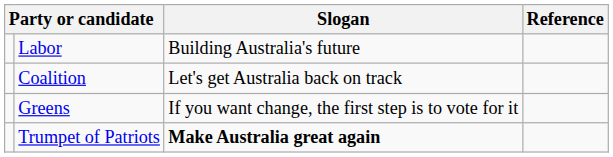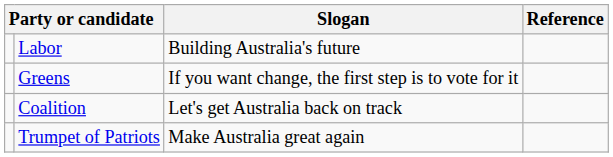 <table class="wikitable" style="font-size:97%; text-align:left;">
 <tr>
 <th style="text-align:left;" colspan="2">Party or candidate</th>
 <th>Slogan</th>
 <th>Reference</th>
 </tr>
 <tr>
 <td style="color:inherit;background:"></td>
 <td><a href='#'>Labor</a></td>
 <td>Building Australia's future</td>
 <td></td>
 </tr>
 <tr>
+<td style="background:"></td>
+<td><a href='#'>Greens</a></td>
+<td>If you want change, the first step is to vote for it</td>
+<td></td>
+</tr>
+<tr>
 <td width="1" style="color:inherit;background:"></td>
 <td><a href='#'>Coalition</a></td>
 <td>Let's get Australia back on track</td>
 <td></td>
 </tr>
 <tr>
 <td style="background:"></td>
-<td><a href='#'>Greens</a></td>
-<td>If you want change, the first step is to vote for it</td>
-<td></td>
-</tr>
-<tr>
-<td style="background:"></td>
 <td><a href='#'>Trumpet of Patriots</a></td>
-<td><strong>Make Australia great again</strong></td>
+<td>Make Australia great again</td>
 <td></td>
 </tr>
 </table>
